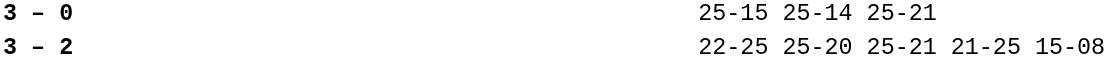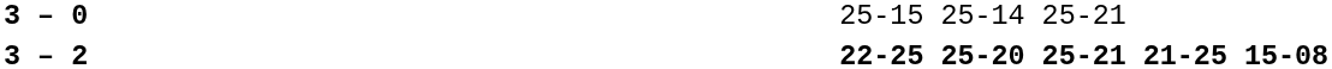 <table width=100% cellspacing=1>
 <tr>
 <th width=20%></th>
 <th width=12%></th>
 <th width=20%></th>
 <th width=33%></th>
 <td></td>
 </tr>
 <tr style=font-size:90%>
 <td align=right><strong></strong></td>
 <td align=center><strong>3 – 0</strong></td>
 <td></td>
 <td>25-15 25-14 25-21</td>
 <td></td>
 </tr>
 <tr style=font-size:90%>
 <td align=right><strong></strong></td>
 <td align=center><strong>3 – 2</strong></td>
 <td></td>
-<td>22-25 25-20 25-21 21-25 15-08</td>
+<td><strong>22-25 25-20 25-21 21-25 15-08</strong></td>
 </tr>
 </table>
